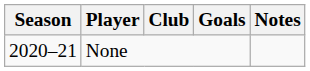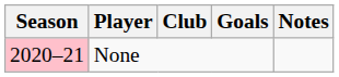 <table class="wikitable sortable" style="text-align:center">
 <tr>
 <th>Season</th>
 <th>Player</th>
 <th>Club</th>
 <th>Goals</th>
 <th>Notes</th>
 </tr>
 <tr>
-<td>2020–21</td>
+<td style="background: pink;">2020–21</td>
 <td align="left" colspan=3>None</td>
 <td align="left"></td>
 </tr>
 </table>
